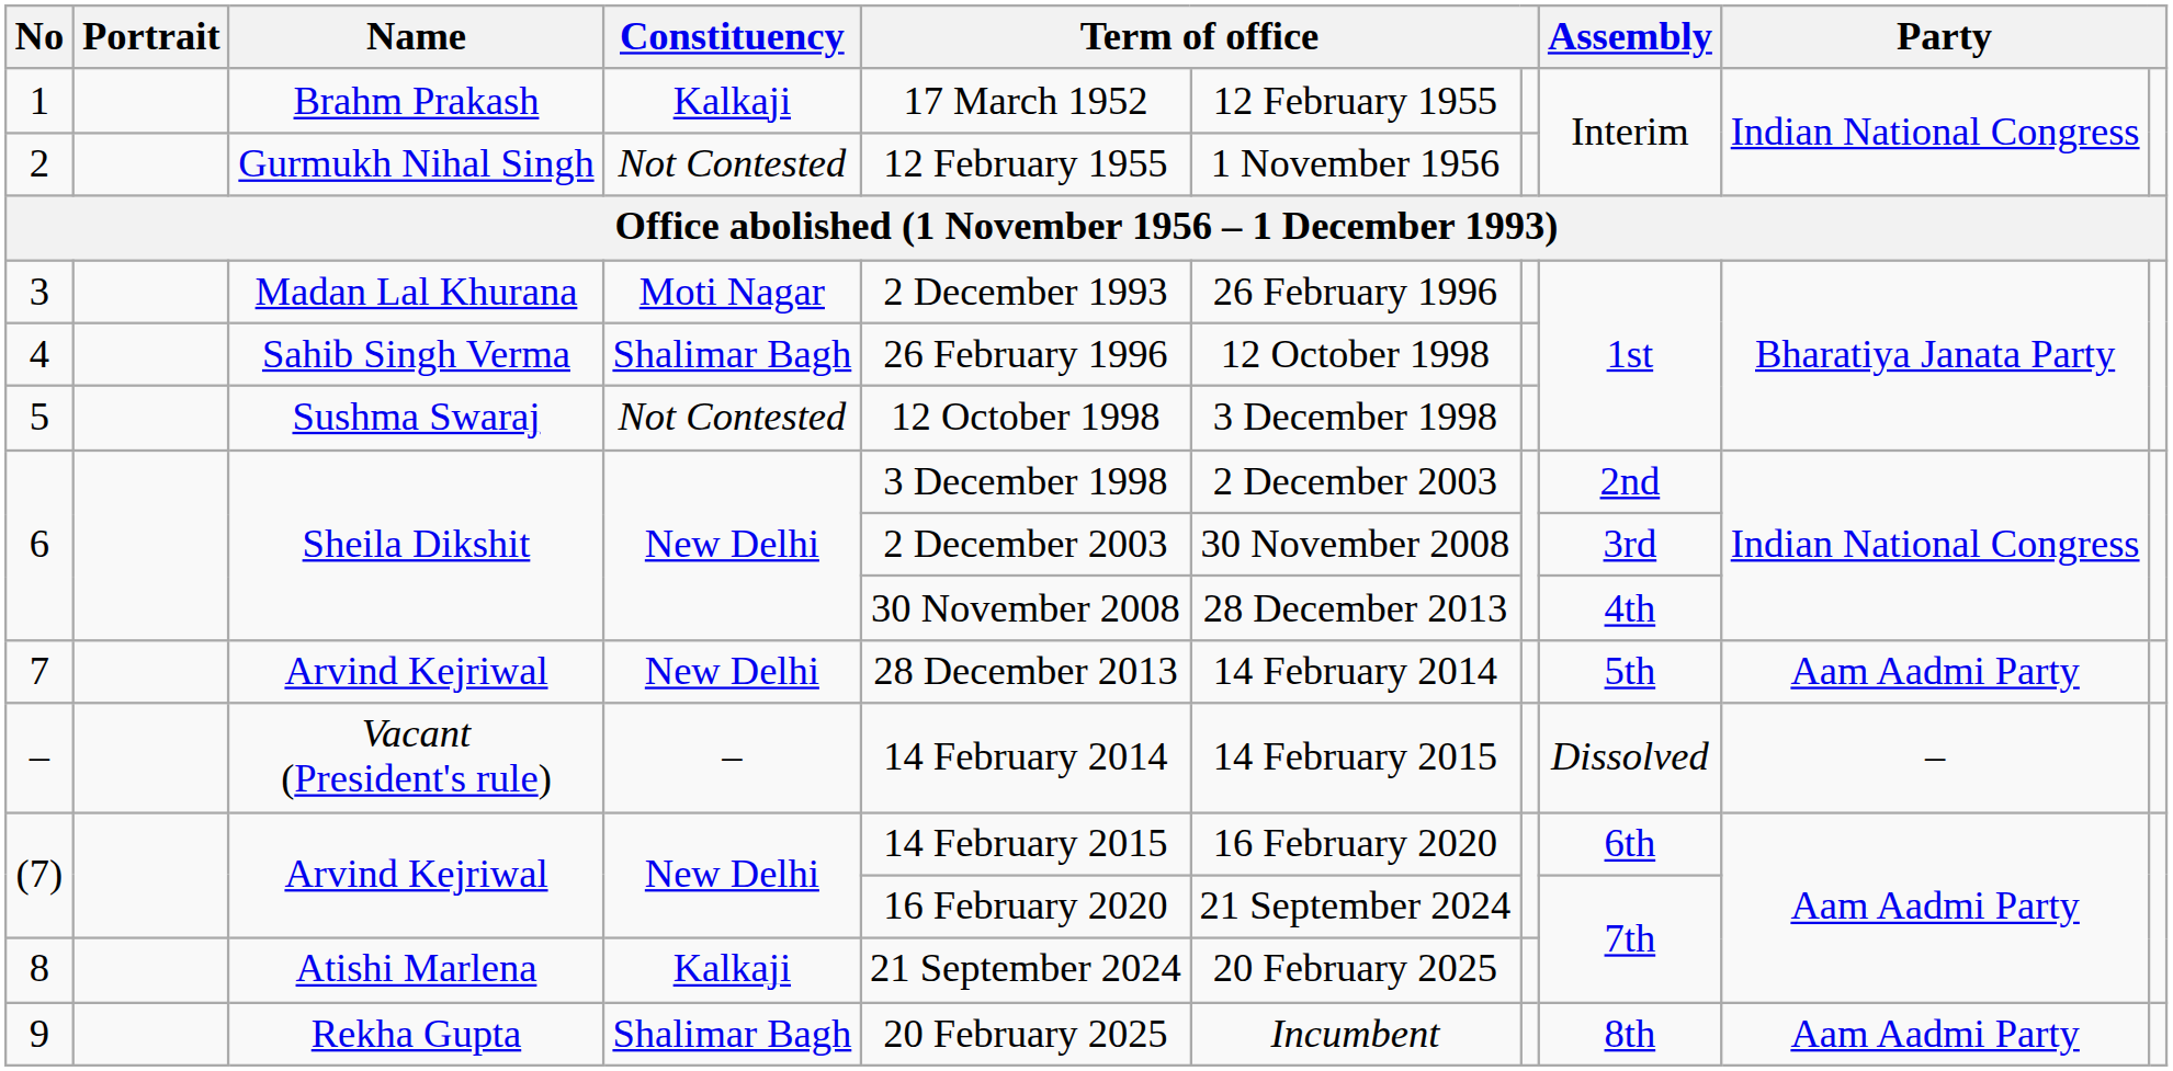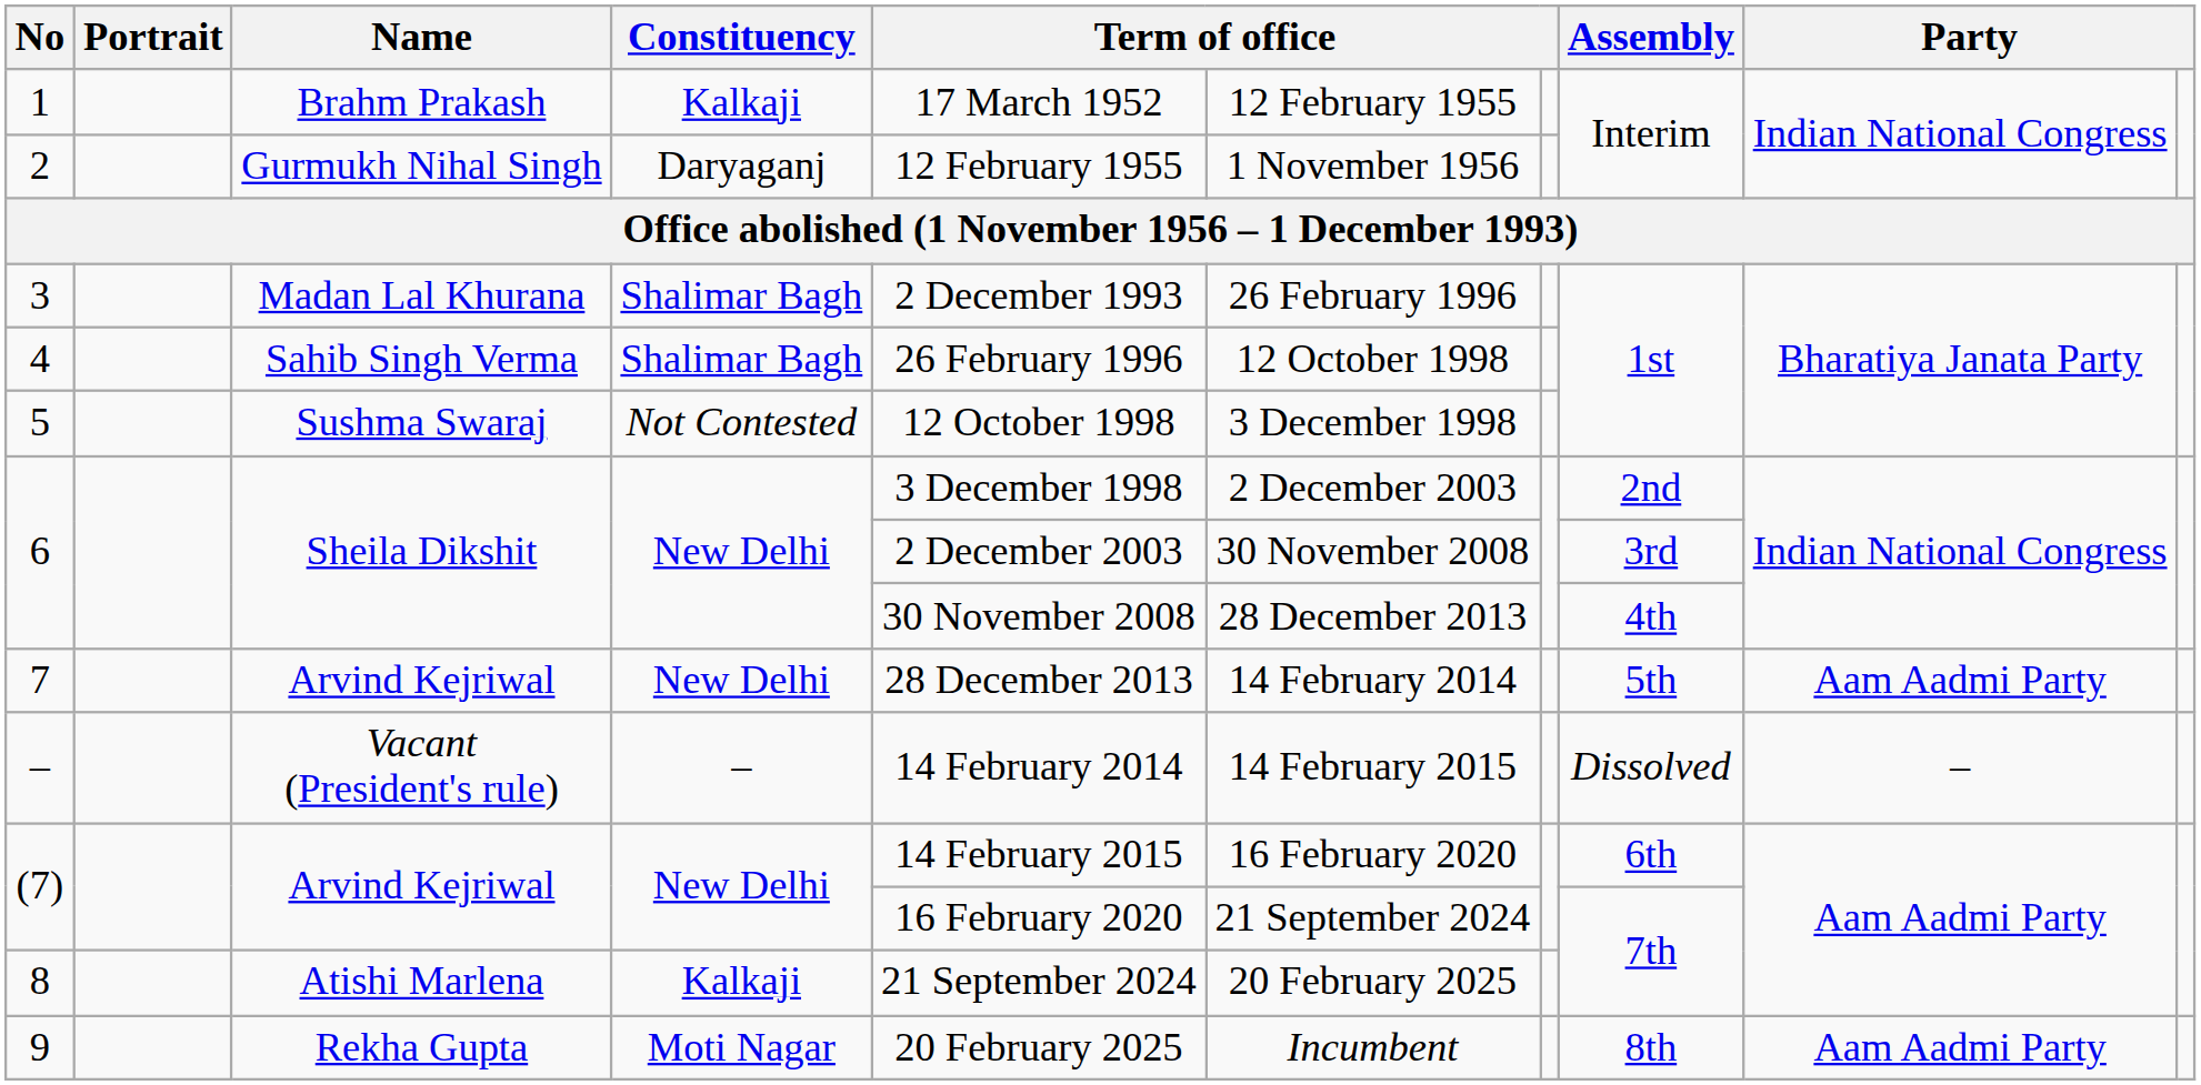 <table class="wikitable" style="text-align:center">
 <tr>
 <th>No</th>
 <th>Portrait</th>
 <th>Name</th>
 <th><a href='#'>Constituency</a></th>
 <th colspan="3">Term of office</th>
 <th><a href='#'>Assembly</a><br></th>
 <th colspan="2">Party</th>
 </tr>
 <tr>
 <td>1</td>
 <td></td>
 <td><a href='#'>Brahm Prakash</a></td>
 <td><a href='#'>Kalkaji</a></td>
 <td>17 March 1952</td>
 <td>12 February 1955</td>
 <td></td>
 <td rowspan=2>Interim<br></td>
 <td rowspan=2><a href='#'>Indian National Congress</a></td>
 <td rowspan=2 style="background-color:"></td>
 </tr>
 <tr>
 <td>2</td>
 <td></td>
 <td scope="row"><a href='#'>Gurmukh Nihal Singh</a></td>
-<td><em>Not Contested</em></td>
+<td>Daryaganj</td>
 <td>12 February 1955</td>
 <td>1 November 1956</td>
 <td></td>
 </tr>
 <tr>
 <th colspan="10">Office abolished (1 November 1956 – 1 December 1993)</th>
 </tr>
 <tr>
 <td>3</td>
 <td></td>
 <td><a href='#'>Madan Lal Khurana</a></td>
-<td><a href='#'>Moti Nagar</a></td>
+<td><a href='#'>Shalimar Bagh</a></td>
 <td>2 December 1993</td>
 <td>26 February 1996</td>
 <td></td>
 <td rowspan="3"><a href='#'>1st</a><br></td>
 <td rowspan="3"><a href='#'>Bharatiya Janata Party</a></td>
 <td rowspan="3" style="background-color: "></td>
 </tr>
 <tr>
 <td>4</td>
 <td></td>
 <td scope="row"><a href='#'>Sahib Singh Verma</a></td>
 <td><a href='#'>Shalimar Bagh</a></td>
 <td>26 February 1996</td>
 <td>12 October 1998</td>
 <td></td>
 </tr>
 <tr>
 <td>5</td>
 <td></td>
 <td><a href='#'>Sushma Swaraj</a></td>
 <td><em>Not Contested</em></td>
 <td>12 October 1998</td>
 <td>3 December 1998</td>
 <td></td>
 </tr>
 <tr>
 <td rowspan="3">6</td>
 <td rowspan="3"></td>
 <td rowspan=3><a href='#'>Sheila Dikshit</a></td>
 <td rowspan=3><a href='#'>New Delhi</a></td>
 <td>3 December 1998</td>
 <td>2 December 2003</td>
 <td rowspan=3></td>
 <td><a href='#'>2nd</a><br></td>
 <td rowspan=3><a href='#'>Indian National Congress</a></td>
 <td rowspan=3 style="background-color: "></td>
 </tr>
 <tr>
 <td>2 December 2003</td>
 <td>30 November 2008</td>
 <td><a href='#'>3rd</a><br></td>
 </tr>
 <tr>
 <td>30 November 2008</td>
 <td>28 December 2013</td>
 <td><a href='#'>4th</a><br></td>
 </tr>
 <tr>
 <td>7</td>
 <td></td>
 <td><a href='#'>Arvind Kejriwal</a></td>
 <td><a href='#'>New Delhi</a></td>
 <td>28 December 2013</td>
 <td>14 February 2014</td>
 <td></td>
 <td><a href='#'>5th</a><br></td>
 <td><a href='#'>Aam Aadmi Party</a></td>
 <td style="background-color:"></td>
 </tr>
 <tr>
 <td>–</td>
 <td></td>
 <td><em>Vacant</em><br>(<a href='#'>President's rule</a>)</td>
 <td>–</td>
 <td>14 February 2014</td>
 <td>14 February 2015</td>
 <td></td>
 <td><em>Dissolved</em></td>
 <td>–</td>
 <td></td>
 </tr>
 <tr>
 <td rowspan="2">(7)</td>
 <td rowspan="2"></td>
 <td rowspan=2><a href='#'>Arvind Kejriwal</a></td>
 <td rowspan=2><a href='#'>New Delhi</a></td>
 <td>14 February 2015</td>
 <td>16 February 2020</td>
 <td rowspan=2></td>
 <td><a href='#'>6th</a><br></td>
 <td rowspan=3><a href='#'>Aam Aadmi Party</a></td>
 <td rowspan=3 style="background-color: "></td>
 </tr>
 <tr>
 <td>16 February 2020</td>
 <td>21 September 2024</td>
 <td rowspan=2><a href='#'>7th</a><br></td>
 </tr>
 <tr>
 <td>8</td>
 <td></td>
 <td><a href='#'>Atishi Marlena</a></td>
 <td><a href='#'>Kalkaji</a></td>
 <td>21 September 2024</td>
 <td>20 February 2025</td>
 <td></td>
 </tr>
 <tr>
 <td>9</td>
 <td></td>
 <td><a href='#'>Rekha Gupta</a></td>
-<td><a href='#'>Shalimar Bagh</a></td>
+<td><a href='#'>Moti Nagar</a></td>
 <td>20 February 2025</td>
 <td><em>Incumbent</em></td>
 <td></td>
 <td><a href='#'>8th</a><br></td>
 <td><a href='#'>Aam Aadmi Party</a></td>
 <td style="background-color: "></td>
 </tr>
 </table>
